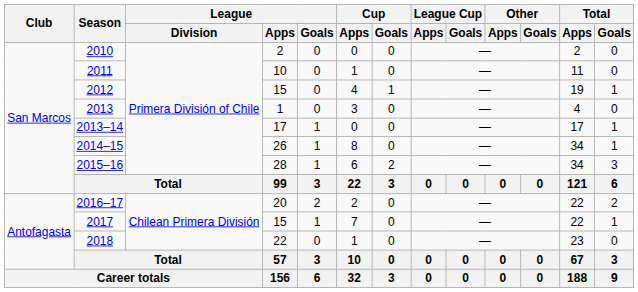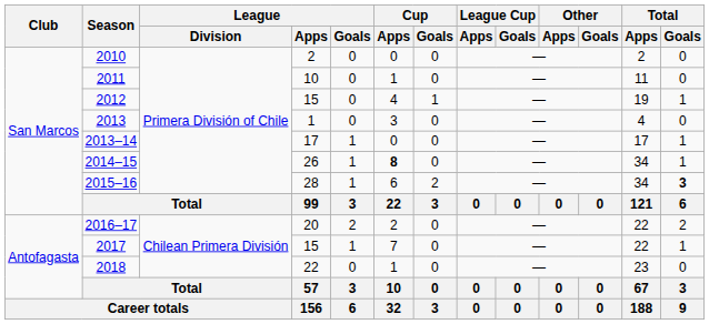 <table class="wikitable" style="font-size:90%; text-align: center">
 <tr>
 <th rowspan=2>Club</th>
 <th rowspan=2>Season</th>
 <th colspan=3>League</th>
 <th colspan=2>Cup</th>
 <th colspan=2>League Cup</th>
 <th colspan=2>Other</th>
 <th colspan=2>Total</th>
 </tr>
 <tr>
 <th>Division</th>
 <th>Apps</th>
 <th>Goals</th>
 <th>Apps</th>
 <th>Goals</th>
 <th>Apps</th>
 <th>Goals</th>
 <th>Apps</th>
 <th>Goals</th>
 <th>Apps</th>
 <th>Goals</th>
 </tr>
 <tr>
 <td rowspan=8><a href='#'>San Marcos</a></td>
 <td><a href='#'>2010</a></td>
 <td rowspan=7><a href='#'>Primera División of Chile</a></td>
 <td>2</td>
 <td>0</td>
 <td>0</td>
 <td>0</td>
 <td colspan=4>—</td>
 <td>2</td>
 <td>0</td>
 </tr>
 <tr>
 <td><a href='#'>2011</a></td>
 <td>10</td>
 <td>0</td>
 <td>1</td>
 <td>0</td>
 <td colspan=4>—</td>
 <td>11</td>
 <td>0</td>
 </tr>
 <tr>
 <td><a href='#'>2012</a></td>
 <td>15</td>
 <td>0</td>
 <td>4</td>
 <td>1</td>
 <td colspan=4>—</td>
 <td>19</td>
 <td>1</td>
 </tr>
 <tr>
 <td><a href='#'>2013</a></td>
 <td>1</td>
 <td>0</td>
 <td>3</td>
 <td>0</td>
 <td colspan=4>—</td>
 <td>4</td>
 <td>0</td>
 </tr>
 <tr>
 <td><a href='#'>2013–14</a></td>
 <td>17</td>
 <td>1</td>
 <td>0</td>
 <td>0</td>
 <td colspan=4>—</td>
 <td>17</td>
 <td>1</td>
 </tr>
 <tr>
 <td><a href='#'>2014–15</a></td>
 <td>26</td>
 <td>1</td>
-<td>8</td>
+<td><strong>8</strong></td>
 <td>0</td>
 <td colspan=4>—</td>
 <td>34</td>
 <td>1</td>
 </tr>
 <tr>
 <td><a href='#'>2015–16</a></td>
 <td>28</td>
 <td>1</td>
 <td>6</td>
 <td>2</td>
 <td colspan=4>—</td>
 <td>34</td>
-<td>3</td>
+<td><strong>3</strong></td>
 </tr>
 <tr>
 <th colspan=2>Total</th>
 <th>99</th>
 <th>3</th>
 <th>22</th>
 <th>3</th>
 <th>0</th>
 <th>0</th>
 <th>0</th>
 <th>0</th>
 <th>121</th>
 <th>6</th>
 </tr>
 <tr>
 <td rowspan=4><a href='#'>Antofagasta</a></td>
 <td><a href='#'>2016–17</a></td>
 <td rowspan=3><a href='#'>Chilean Primera División</a></td>
 <td>20</td>
 <td>2</td>
 <td>2</td>
 <td>0</td>
 <td colspan=4>—</td>
 <td>22</td>
 <td>2</td>
 </tr>
 <tr>
 <td><a href='#'>2017</a></td>
 <td>15</td>
 <td>1</td>
 <td>7</td>
 <td>0</td>
 <td colspan=4>—</td>
 <td>22</td>
 <td>1</td>
 </tr>
 <tr>
 <td><a href='#'>2018</a></td>
 <td>22</td>
 <td>0</td>
 <td>1</td>
 <td>0</td>
 <td colspan=4>—</td>
 <td>23</td>
 <td>0</td>
 </tr>
 <tr>
 <th colspan=2>Total</th>
 <th>57</th>
 <th>3</th>
 <th>10</th>
 <th>0</th>
 <th>0</th>
 <th>0</th>
 <th>0</th>
 <th>0</th>
 <th>67</th>
 <th>3</th>
 </tr>
 <tr>
 <th colspan=3>Career totals</th>
 <th>156</th>
 <th>6</th>
 <th>32</th>
 <th>3</th>
 <th>0</th>
 <th>0</th>
 <th>0</th>
 <th>0</th>
 <th>188</th>
 <th>9</th>
 </tr>
 </table>
